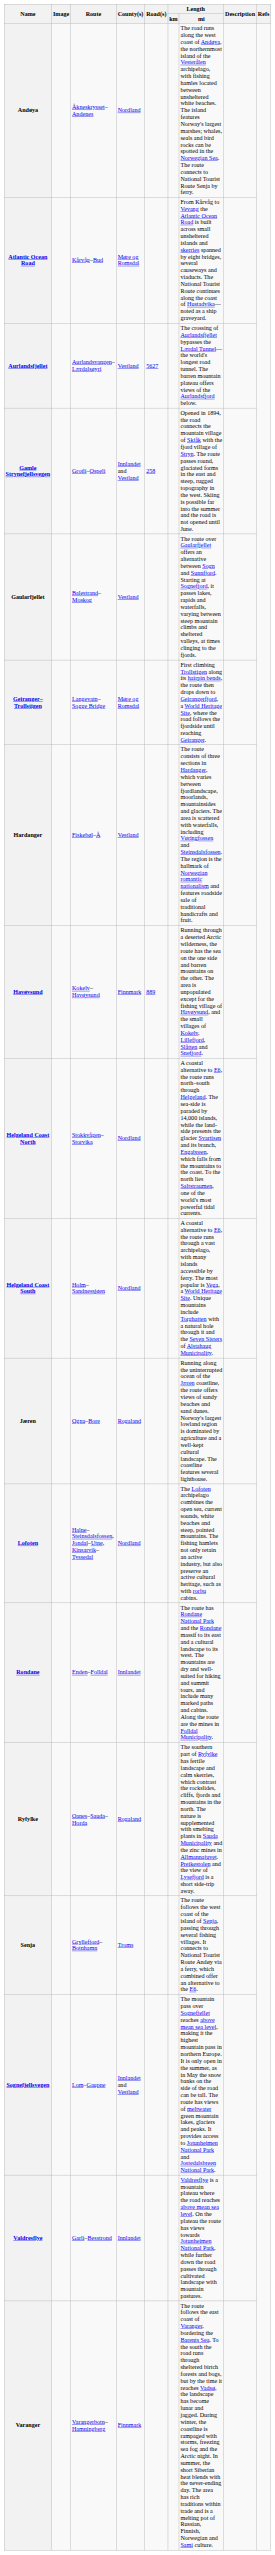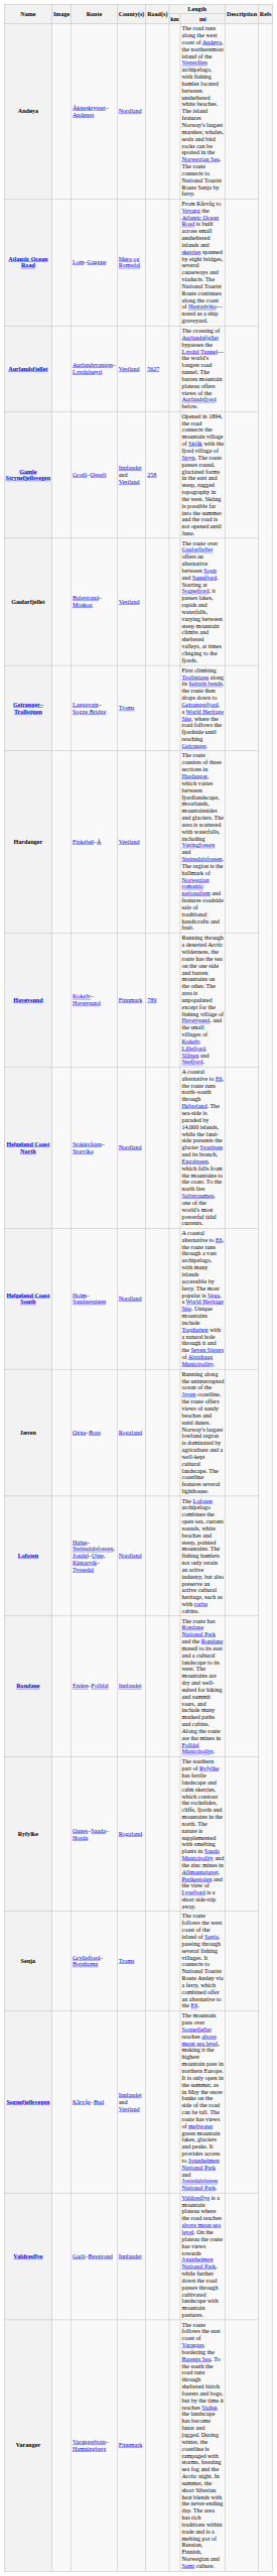 <table class="wikitable plainrowheaders sortable">
 <tr>
 <th scope=col rowspan=2>Name</th>
 <th scope=col rowspan=2 class=unsortable>Image</th>
 <th scope=col rowspan=2 class=unsortable>Route</th>
 <th scope=col rowspan=2>County(s)</th>
 <th scope=col rowspan=2>Road(s)</th>
 <th scope=col colspan=2>Length</th>
 <th scope=col rowspan=2 class=unsortable>Description</th>
 <th scope=col rowspan=2 class=unsortable>Refs</th>
 </tr>
 <tr>
 <th>km</th>
 <th>mi</th>
 </tr>
 <tr>
 <th scope=row>Andøya</th>
 <td></td>
 <td><a href='#'>Åkneskrysset</a>–<a href='#'>Andenes</a></td>
 <td><a href='#'>Nordland</a></td>
 <td></td>
 <td></td>
 <td>The road runs along the west coast of <a href='#'>Andøya</a>, the northernmost island of the <a href='#'>Vesterålen</a> archipelago, with fishing hamles located between unsheltered white beaches. The island features Norway's largest marshes; whales, seals and bird rocks can be spotted in the <a href='#'>Norwegian Sea</a>. The route connects to National Tourist Route Senja by ferry.</td>
 <td align=center></td>
 </tr>
 <tr>
 <th scope=row><a href='#'>Atlantic Ocean Road</a></th>
 <td></td>
-<td><a href='#'>Kårvåg</a>–<a href='#'>Bud</a></td>
+<td><a href='#'>Lom</a>–<a href='#'>Gaupne</a></td>
 <td><a href='#'>Møre og Romsdal</a></td>
 <td></td>
 <td></td>
 <td>From Kårvåg to <a href='#'>Vevang</a> the <a href='#'>Atlantic Ocean Road</a> is built across small unsheltered islands and <a href='#'>skerries</a> spanned by eight bridges, several causeways and viaducts. The National Tourist Route continues along the coast of <a href='#'>Hustadvika</a>—noted  as a ship graveyard.</td>
 <td align=center></td>
 </tr>
 <tr>
 <th scope=row><a href='#'>Aurlandsfjellet</a></th>
 <td></td>
 <td><a href='#'>Aurlandsvangen</a>–<a href='#'>Lærdalsøyri</a></td>
 <td><a href='#'>Vestland</a></td>
 <td><a href='#'>5627</a></td>
 <td></td>
 <td>The crossing of <a href='#'>Aurlandsfjellet</a> bypasses the <a href='#'>Lærdal Tunnel</a>—the world's longest road tunnel. The barren mountain plateau offers views of the <a href='#'>Aurlandsfjord</a>  below.</td>
 <td align=center></td>
 </tr>
 <tr>
 <th scope=row><a href='#'>Gamle Strynefjellsvegen</a></th>
 <td></td>
 <td><a href='#'>Grotli</a>–<a href='#'>Ospeli</a></td>
 <td><a href='#'>Innlandet</a> and <a href='#'>Vestland</a></td>
 <td><a href='#'>258</a></td>
 <td></td>
 <td>Opened in 1894, the road connects the mountain village of <a href='#'>Skjåk</a> with the fjord village of <a href='#'>Stryn</a>. The route passes round, glaciated forms in the east and steep, rugged topography in the west. Skiing is possible far into the summer and the road is not opened until June.</td>
 <td align=center></td>
 </tr>
 <tr>
 <th scope=row>Gaularfjellet</th>
 <td></td>
 <td><a href='#'>Balestrand</a>–<a href='#'>Moskog</a></td>
 <td><a href='#'>Vestland</a></td>
 <td></td>
 <td></td>
 <td>The route over <a href='#'>Gaularfjellet</a> offers an alternative between <a href='#'>Sogn</a> and <a href='#'>Sunnfjord</a>. Starting at <a href='#'>Sognefjord</a>, it passes lakes, rapids and waterfalls, varying between steep mountain climbs and sheltered valleys, at times clinging to the fjords.</td>
 <td align=center></td>
 </tr>
 <tr>
 <th scope=row><a href='#'>Geiranger–Trollstigen</a></th>
 <td></td>
 <td><a href='#'>Langevatn</a>–<a href='#'>Sogge Bridge</a></td>
-<td><a href='#'>Møre og Romsdal</a></td>
+<td><a href='#'>Troms</a></td>
 <td></td>
 <td></td>
 <td>First climbing <a href='#'>Trollstigen</a> along its <a href='#'>hairpin bends</a>, the route then drops down to <a href='#'>Geirangerfjord</a>, a <a href='#'>World Heritage Site</a>, where the road follows the fjordside until reaching <a href='#'>Geiranger</a>.</td>
 <td align=center></td>
 </tr>
 <tr>
 <th scope=row>Hardanger</th>
 <td></td>
 <td><a href='#'>Fiskebøl</a>–<a href='#'>Å</a></td>
 <td><a href='#'>Vestland</a></td>
 <td></td>
 <td></td>
 <td>The route consists of three sections in <a href='#'>Hardanger</a>, which varies between fjordlandscape, moorlands, mountainsides and glaciers. The area is  scattered with waterfalls, including <a href='#'>Vøringfossen</a> and <a href='#'>Steinsdalsfossen</a>. The region is the hallmark of <a href='#'>Norwegian romantic nationalism</a> and features roadside sale of traditional handicrafts and fruit.</td>
 <td align=center></td>
 </tr>
 <tr>
 <th scope=row><a href='#'>Havøysund</a></th>
 <td></td>
 <td><a href='#'>Kokelv</a>–<a href='#'>Havøysund</a></td>
 <td><a href='#'>Finnmark</a></td>
-<td><a href='#'>889</a></td>
+<td><a href='#'>789</a></td>
 <td></td>
 <td>Running through a deserted Arctic wilderness, the route has the sea on the one side and barren mountains on the other. The area is unpopulated except for the fishing village of <a href='#'>Havøysund</a>, and the small villages of <a href='#'>Kokelv</a>, <a href='#'>Lillefjord</a>, <a href='#'>Slåtten</a> and <a href='#'>Snefjord</a>.</td>
 <td align=center></td>
 </tr>
 <tr>
 <th scope=row><a href='#'>Helgeland Coast North</a></th>
 <td></td>
 <td><a href='#'>Stokkvågen</a>–<a href='#'>Storvika</a></td>
 <td><a href='#'>Nordland</a></td>
 <td></td>
 <td></td>
 <td>A coastal alternative to <a href='#'>E6</a>, the route runs north–south through <a href='#'>Helgeland</a>. The sea-side is paraded by 14,000 islands, while the land-side presents the glacier <a href='#'>Svartisen</a> and its branch, <a href='#'>Engabreen</a>, which falls  from the mountains to the coast. To the north lies <a href='#'>Saltstraumen</a>, one of the world's most powerful tidal currents.</td>
 <td align=center></td>
 </tr>
 <tr>
 <th scope=row><a href='#'>Helgeland Coast South</a></th>
 <td align=center></td>
 <td><a href='#'>Holm</a>–<a href='#'>Sandnessjøen</a></td>
 <td><a href='#'>Nordland</a></td>
 <td></td>
 <td></td>
 <td>A coastal alternative to <a href='#'>E6</a>, the route runs through a vast archipelago, with many islands accessible by ferry. The most popular is <a href='#'>Vega</a>, a <a href='#'>World Heritage Site</a>. Unique mountains include <a href='#'>Torghatten</a> with a natural hole through it and the <a href='#'>Seven Sisters</a> of <a href='#'>Alstahaug Municipality</a>.</td>
 <td align=center></td>
 </tr>
 <tr>
 <th scope=row>Jæren</th>
 <td></td>
 <td><a href='#'>Ogna</a>–<a href='#'>Bore</a></td>
 <td><a href='#'>Rogaland</a></td>
 <td></td>
 <td></td>
 <td>Running along the uninterrupted ocean of the <a href='#'>Jæren</a> coastline, the route offers views of sandy beaches and sand dunes. Norway's largest lowland region is dominated by agriculture and a well-kept cultural landscape. The coastline features several lighthouse.</td>
 <td align=center></td>
 </tr>
 <tr>
 <th scope=row><a href='#'>Lofoten</a></th>
 <td></td>
 <td><a href='#'>Halne</a>–<a href='#'>Steinsdalsfossen</a>,<br><a href='#'>Jondal</a>–<a href='#'>Utne</a>,<br><a href='#'>Kinsarvik</a>–<a href='#'>Tyssedal</a></td>
 <td><a href='#'>Nordland</a></td>
 <td></td>
 <td></td>
 <td>The <a href='#'>Lofoten</a> archipelago combines the open sea, current sounds, white beaches and steep, pointed mountains. The fishing hamlets not only retain an active industry, but also preserve an active cultural heritage, such as with <a href='#'>rorbu</a> cabins.</td>
 <td align=center></td>
 </tr>
 <tr>
 <th scope=row><a href='#'>Rondane</a></th>
 <td></td>
 <td><a href='#'>Enden</a>–<a href='#'>Folldal</a></td>
 <td><a href='#'>Innlandet</a></td>
 <td></td>
 <td></td>
 <td>The route has <a href='#'>Rondane National Park</a> and the <a href='#'>Rondane</a> massif to its east and a cultural landscape to its west. The mountains are dry and well-suited for hiking and summit tours, and include many marked paths and cabins. Along the route are the mines in <a href='#'>Folldal Municipality</a>.</td>
 <td align=center></td>
 </tr>
 <tr>
 <th scope=row>Ryfylke</th>
 <td></td>
 <td><a href='#'>Oanes</a>–<a href='#'>Sauda</a>–<a href='#'>Horda</a></td>
 <td><a href='#'>Rogaland</a></td>
 <td></td>
 <td></td>
 <td>The southern part of <a href='#'>Ryfylke</a> has fertile landscape and calm skerries, which contrast the rockslides, cliffs, fjords and mountains in the north. The nature is supplemented with smelting plants in <a href='#'>Sauda Municipality</a> and the zinc mines in <a href='#'>Allmannajuvet</a>. <a href='#'>Preikestolen</a> and the view of <a href='#'>Lysefjord</a> is a short side-trip away.</td>
 <td align=center></td>
 </tr>
 <tr>
 <th scope=row>Senja</th>
 <td></td>
 <td><a href='#'>Gryllefjord</a>–<a href='#'>Botnhamn</a></td>
 <td><a href='#'>Troms</a></td>
 <td></td>
 <td></td>
 <td>The route follows the west coast of the island of <a href='#'>Senja</a>, passing through several fishing villages. It connects to National Tourist Route Andøy via a ferry, which combined offer an alternative to the <a href='#'>E6</a>.</td>
 <td align=center></td>
 </tr>
 <tr>
 <th scope=row><a href='#'>Sognefjellsvegen</a></th>
 <td></td>
-<td><a href='#'>Lom</a>–<a href='#'>Gaupne</a></td>
+<td><a href='#'>Kårvåg</a>–<a href='#'>Bud</a></td>
 <td><a href='#'>Innlandet</a> and <a href='#'>Vestland</a></td>
 <td></td>
 <td></td>
 <td>The mountain pass over <a href='#'>Sognefjellet</a> reaches  <a href='#'>above mean sea level</a>, making it the highest mountain pass in northern Europe. It is only open in the summer, as in May the snow banks on the side of the road can be  tall. The route has views of <a href='#'>meltwater</a> green mountain lakes, glaciers and peaks. It provides access to <a href='#'>Jotunheimen National Park</a> and <a href='#'>Jostedalsbreen National Park</a>.</td>
 <td align=center></td>
 </tr>
 <tr>
 <th scope=row><a href='#'>Valdresflye</a></th>
 <td></td>
 <td><a href='#'>Garli</a>–<a href='#'>Besstrond</a></td>
 <td><a href='#'>Innlandet</a></td>
 <td></td>
 <td></td>
 <td><a href='#'>Valdresflye</a> is a mountain plateau where the road reaches  <a href='#'>above mean sea level</a>. On the plateau the route has views towards <a href='#'>Jotunheimen National Park</a>, while further down the road passes through cultivated landscape with mountain pastures.</td>
 <td align=center></td>
 </tr>
 <tr>
 <th scope=row>Varanger</th>
 <td></td>
 <td><a href='#'>Varangerbotn</a>–<a href='#'>Hamningberg</a></td>
 <td><a href='#'>Finnmark</a></td>
 <td></td>
 <td></td>
 <td>The route follows the east coast of <a href='#'>Varanger</a>, bordering the <a href='#'>Barents Sea</a>. To the south the road runs through sheltered birtch forests and bogs, but by the time it reaches <a href='#'>Vadsø</a>, the landscape has become lunar and jagged. During winter, the coastline is rampaged with storms, freezing sea fog and the Arctic night. In summer, the short Siberian heat blends with the never-ending day. The area has rich traditions within trade and is a melting pot of Russian, Finnish, Norwegian and <a href='#'>Sami</a> culture.</td>
 <td align=center></td>
 </tr>
 </table>
